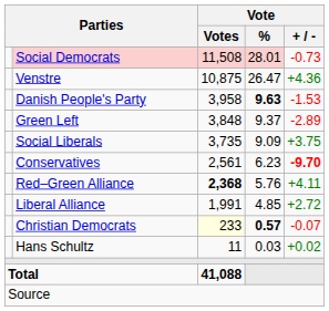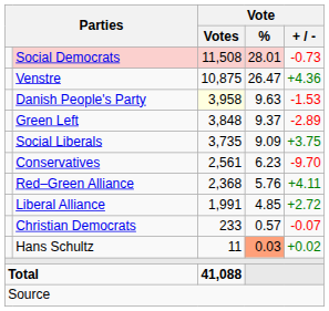 <table class="wikitable" style="text-align:right;">
 <tr>
 <th style="text-align:centre;" rowspan="2" colspan="2" width="225">Parties</th>
 <th colspan="3">Vote</th>
 </tr>
 <tr>
 <th width="15">Votes</th>
 <th width="15">%</th>
 <th width="15">+ / -</th>
 </tr>
 <tr>
 <td width="2" style="color:inherit;background:"></td>
 <td bgcolor=#fbd0ce  align="left"><a href='#'>Social Democrats</a></td>
 <td bgcolor=#fbd0ce>11,508</td>
 <td bgcolor=#fbd0ce>28.01</td>
 <td style=color:red;>-0.73</td>
 </tr>
 <tr>
 <td width="2" style="color:inherit;background:"></td>
 <td align="left"><a href='#'>Venstre</a></td>
 <td>10,875</td>
 <td>26.47</td>
 <td style=color:green;>+4.36</td>
 </tr>
 <tr>
 <td width="2" style="color:inherit;background:"></td>
 <td align="left"><a href='#'>Danish People's Party</a></td>
-<td>3,958</td>
-<td><strong>9.63</strong></td>
+<td style="background: lightyellow;">3,958</td>
+<td>9.63</td>
 <td style=color:red;>-1.53</td>
 </tr>
 <tr>
 <td width="2" style="color:inherit;background:"></td>
 <td align="left"><a href='#'>Green Left</a></td>
 <td>3,848</td>
 <td>9.37</td>
 <td style=color:red;>-2.89</td>
 </tr>
 <tr>
 <td width="2" style="color:inherit;background:"></td>
 <td align="left"><a href='#'>Social Liberals</a></td>
 <td>3,735</td>
 <td>9.09</td>
 <td style=color:green;>+3.75</td>
 </tr>
 <tr>
 <td width="2" style="color:inherit;background:"></td>
 <td align="left"><a href='#'>Conservatives</a></td>
 <td>2,561</td>
 <td>6.23</td>
-<td style=color:red;><strong>-9.70</strong></td>
+<td style=color:red;>-9.70</td>
 </tr>
 <tr>
 <td width="2" style="color:inherit;background:"></td>
 <td align="left"><a href='#'>Red–Green Alliance</a></td>
-<td><strong>2,368</strong></td>
+<td>2,368</td>
 <td>5.76</td>
 <td style=color:green;>+4.11</td>
 </tr>
 <tr>
 <td width="2" style="color:inherit;background:"></td>
 <td align="left"><a href='#'>Liberal Alliance</a></td>
 <td>1,991</td>
 <td>4.85</td>
 <td style=color:green;>+2.72</td>
 </tr>
 <tr>
 <td width="2" style="color:inherit;background:"></td>
 <td align="left"><a href='#'>Christian Democrats</a></td>
-<td style="background: lightyellow;">233</td>
-<td><strong>0.57</strong></td>
+<td>233</td>
+<td>0.57</td>
 <td style=color:red;>-0.07</td>
 </tr>
 <tr>
 <td width="2" style="color:inherit;background:"></td>
 <td align="left">Hans Schultz</td>
 <td>11</td>
-<td>0.03</td>
+<td style="background: lightsalmon;">0.03</td>
 <td style=color:green;>+0.02</td>
 </tr>
 <tr>
 <td colspan="7" bgcolor="#E9E9E9"></td>
 </tr>
 <tr>
 <td align="left" colspan="2"><strong>Total</strong></td>
 <td><strong>41,088</strong></td>
 <td bgcolor="#E9E9E9" colspan="2"></td>
 </tr>
 <tr>
 <td align="left" colspan="6">Source</td>
 </tr>
 </table>
